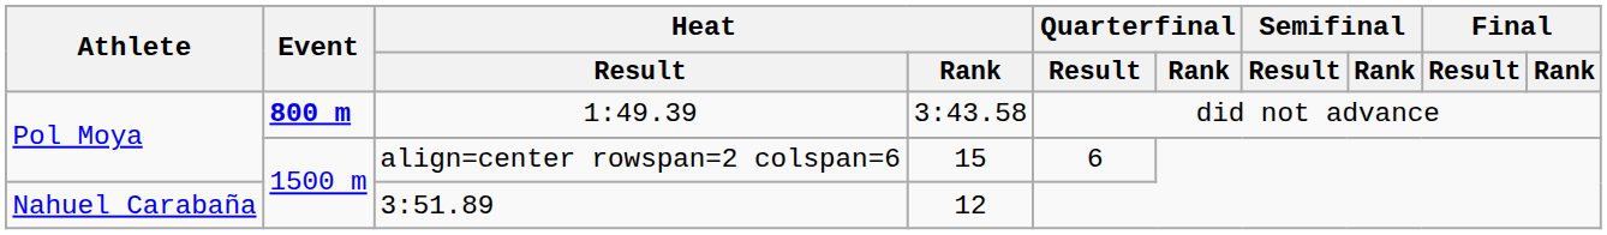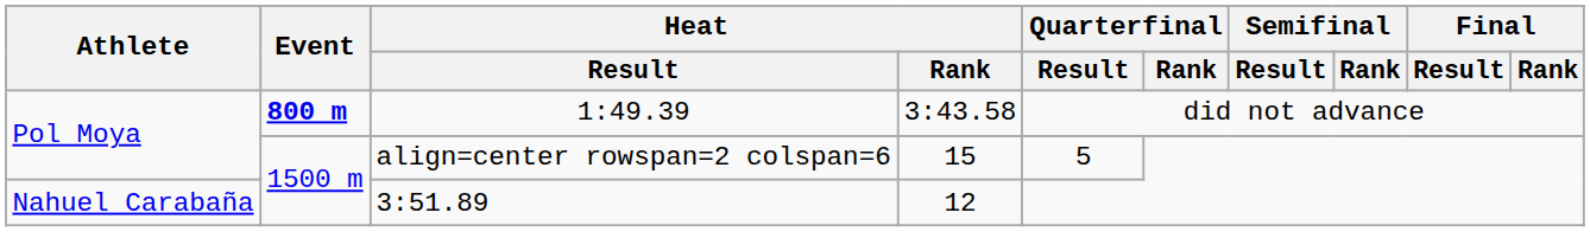 <table class=wikitable style="font-size:90%">
 <tr>
 <th rowspan="2">Athlete</th>
 <th rowspan="2">Event</th>
 <th colspan="2">Heat</th>
 <th colspan="2">Quarterfinal</th>
 <th colspan="2">Semifinal</th>
 <th colspan="2">Final</th>
 </tr>
 <tr style="font-size:95%">
 <th>Result</th>
 <th>Rank</th>
 <th>Result</th>
 <th>Rank</th>
 <th>Result</th>
 <th>Rank</th>
 <th>Result</th>
 <th>Rank</th>
 </tr>
 <tr align=center>
 <td align=left rowspan=2><a href='#'>Pol Moya</a></td>
 <td align=left><strong><a href='#'>800 m</a></strong></td>
 <td>1:49.39</td>
 <td>3:43.58</td>
 <td colspan=6>did not advance</td>
 </tr>
 <tr align=center>
 <td align=left rowspan=2><a href='#'>1500 m</a></td>
 <td>align=center rowspan=2 colspan=6 </td>
 <td>15</td>
-<td>6</td>
+<td>5</td>
 </tr>
 <tr>
 <td align=left><a href='#'>Nahuel Carabaña</a></td>
 <td>3:51.89</td>
 <td align=center>12</td>
 </tr>
 </table>
